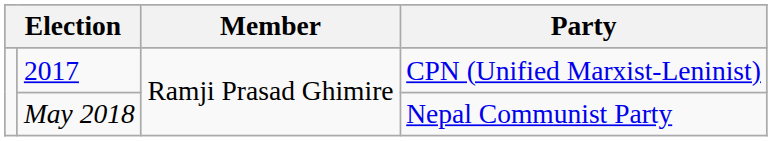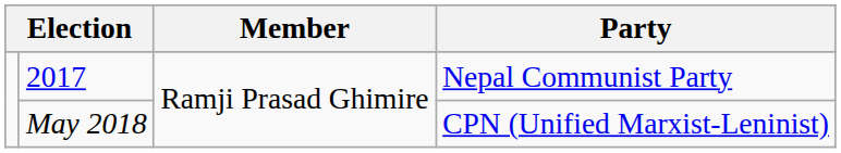 <table class="wikitable">
 <tr>
 <th colspan="2">Election</th>
 <th>Member</th>
 <th>Party</th>
 </tr>
 <tr>
 <td rowspan="2" style="background-color:"></td>
 <td><a href='#'>2017</a></td>
 <td rowspan="2">Ramji Prasad Ghimire</td>
-<td><a href='#'>CPN (Unified Marxist-Leninist)</a></td>
+<td><a href='#'>Nepal Communist Party</a></td>
 </tr>
 <tr>
 <td><em>May 2018</em></td>
-<td><a href='#'>Nepal Communist Party</a></td>
+<td><a href='#'>CPN (Unified Marxist-Leninist)</a></td>
 </tr>
 </table>
